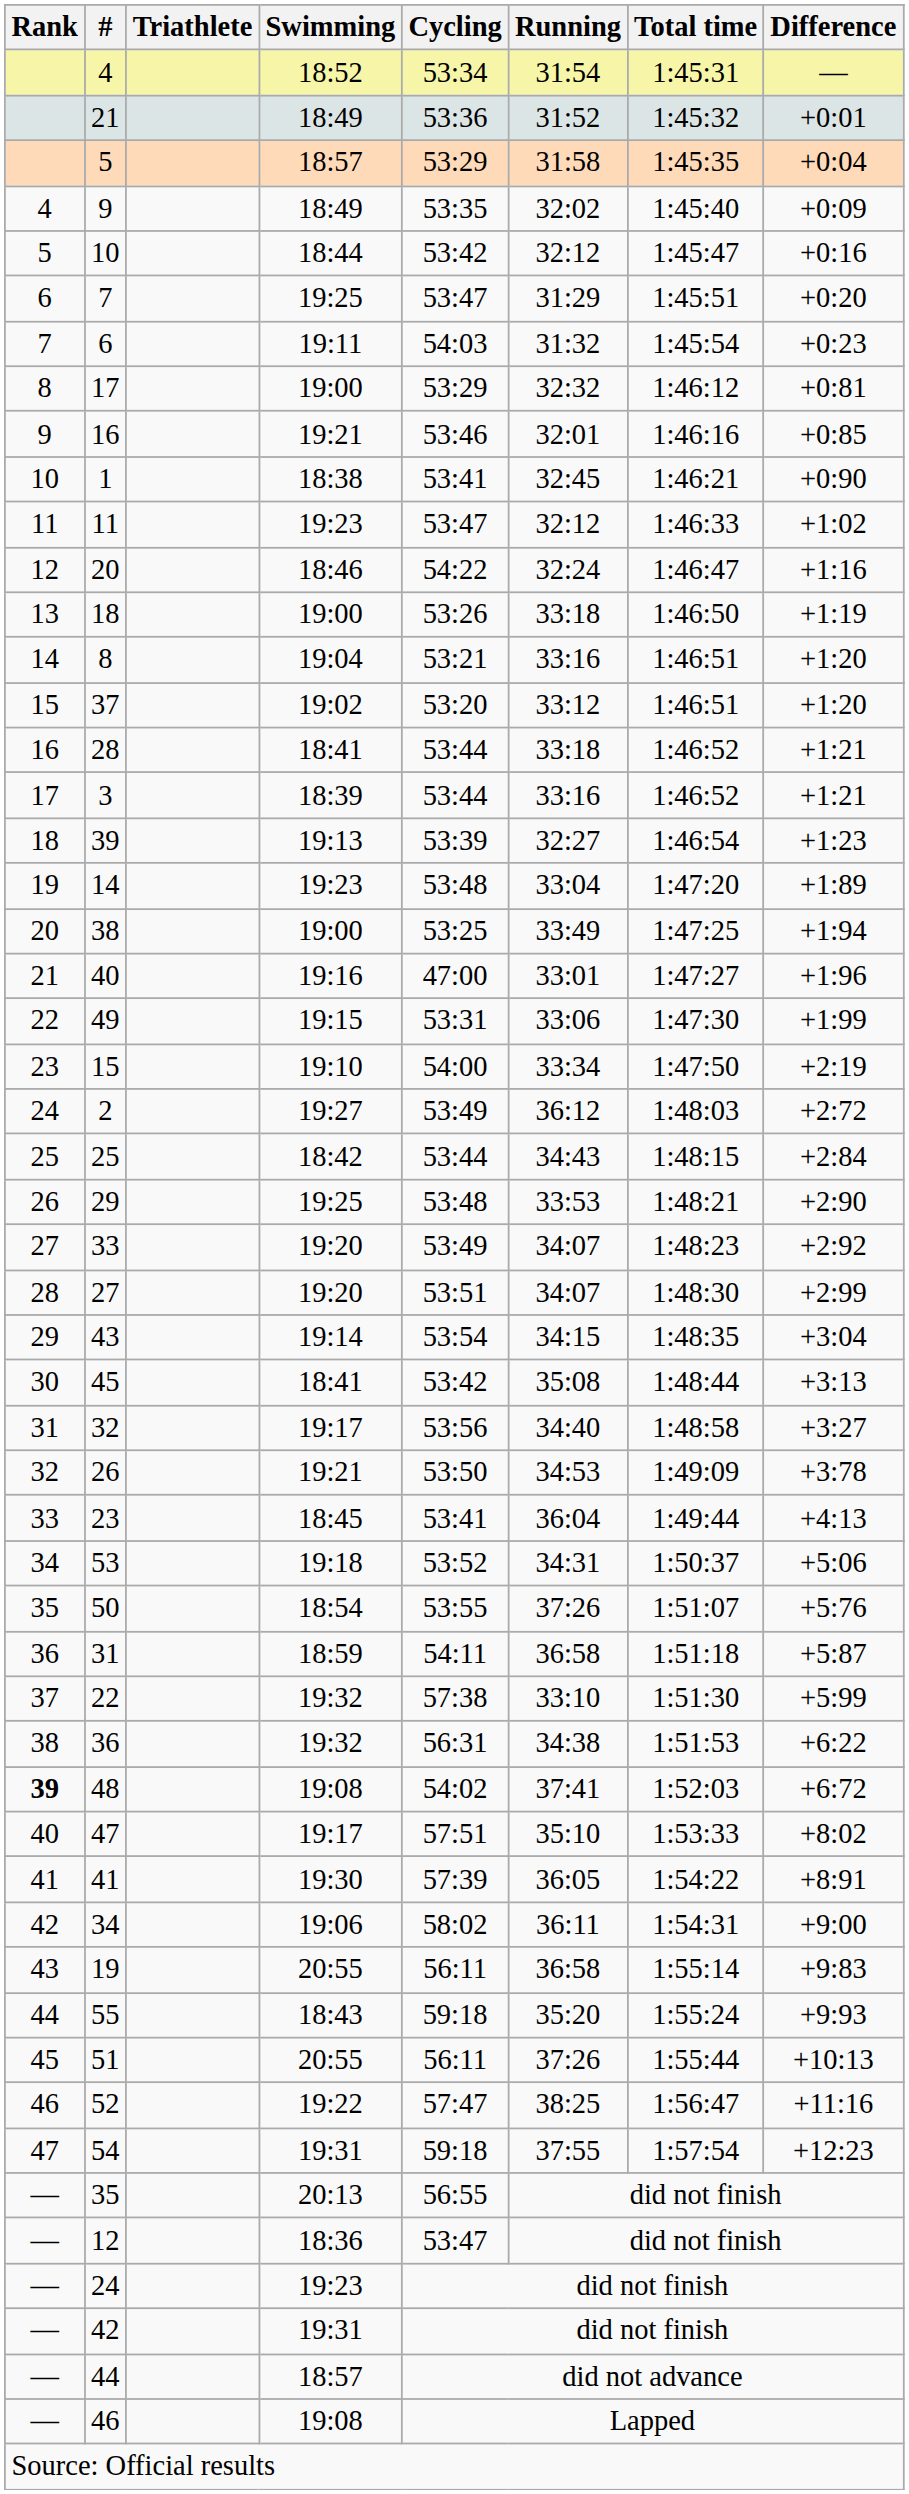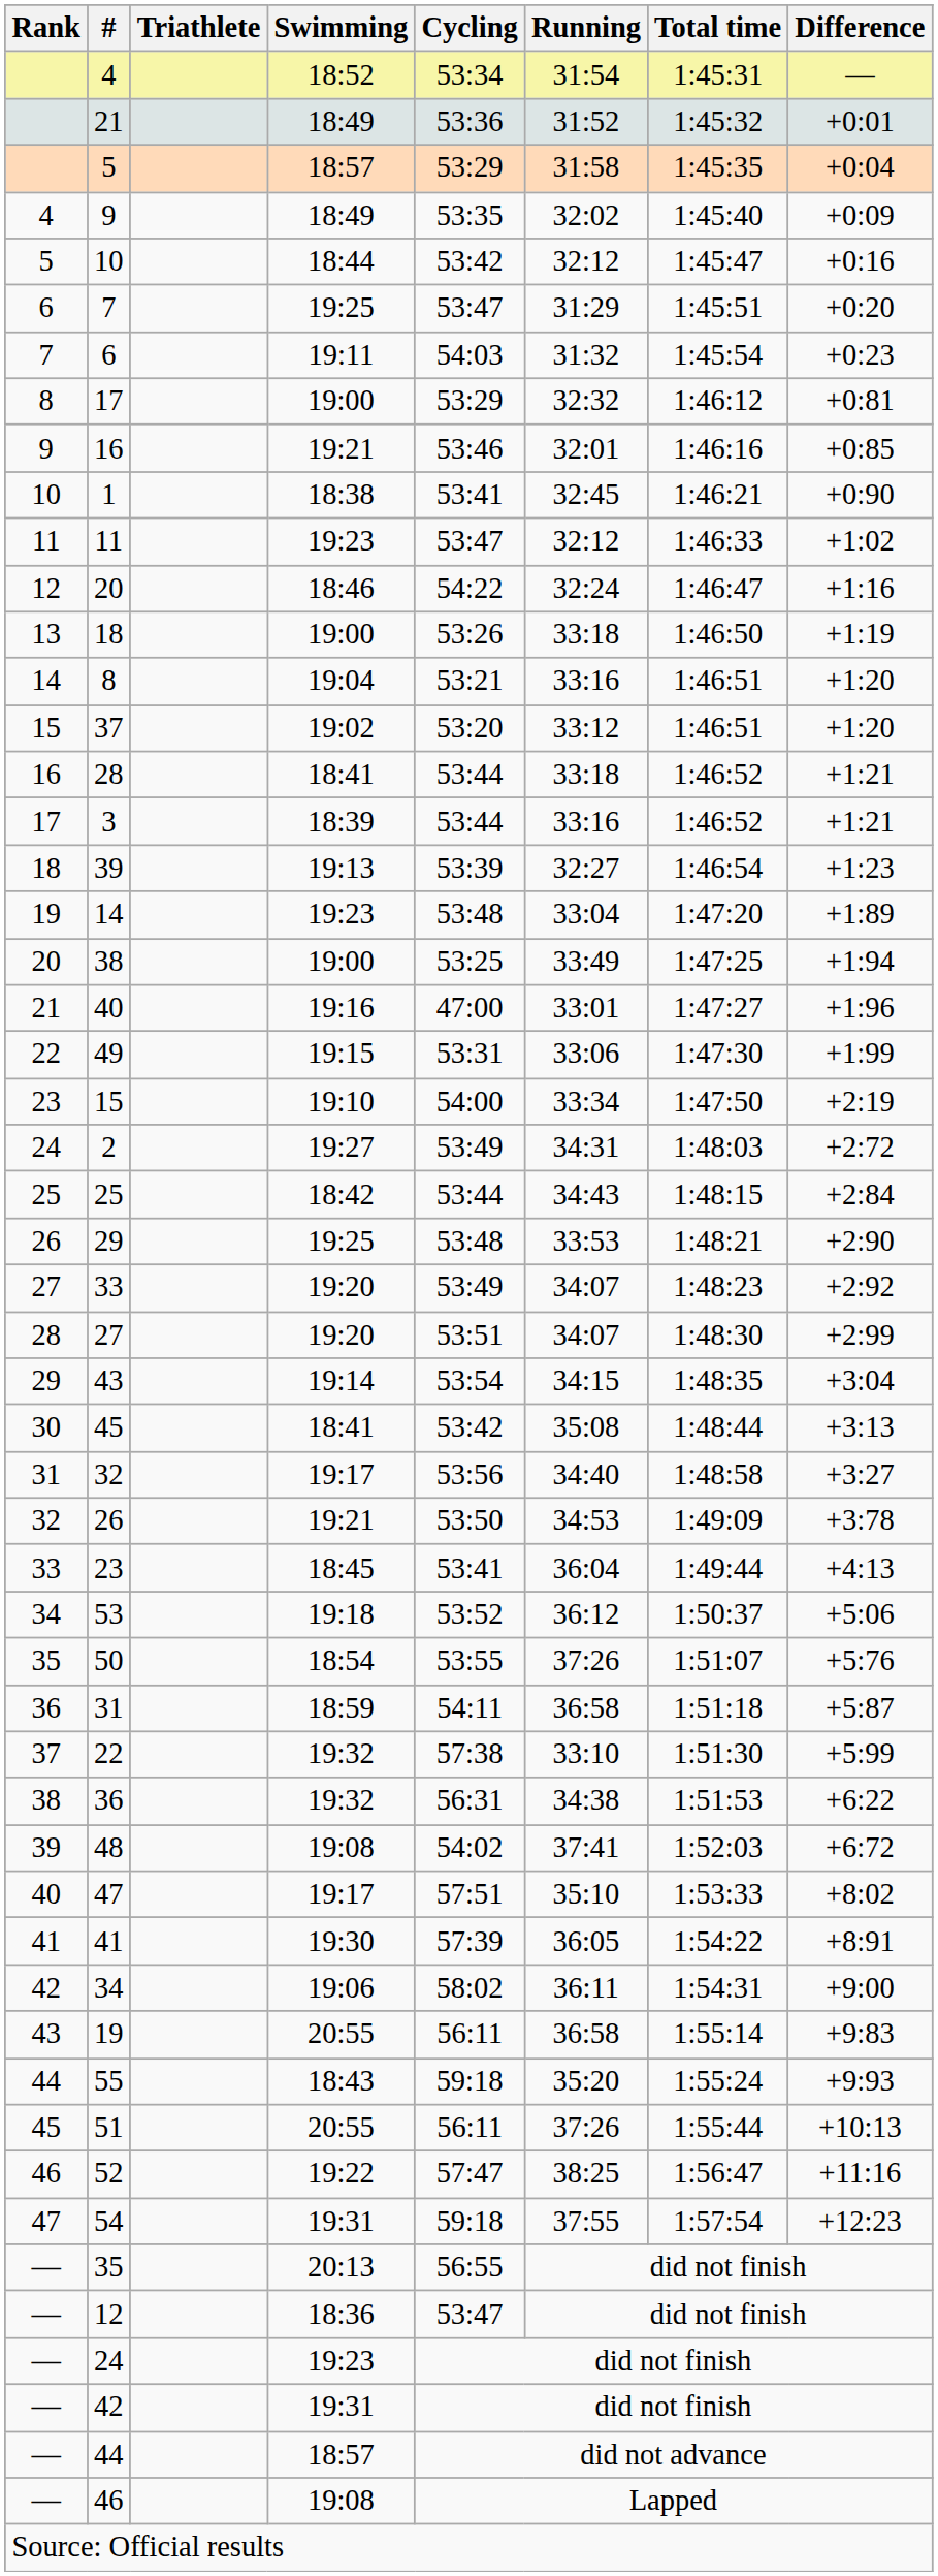 <table class="wikitable sortable" style="text-align:center">
 <tr>
 <th data-sort-type="number">Rank</th>
 <th>#</th>
 <th>Triathlete</th>
 <th>Swimming</th>
 <th>Cycling</th>
 <th>Running</th>
 <th>Total time</th>
 <th>Difference</th>
 </tr>
 <tr style="background:#F7F6A8;”">
 <td></td>
 <td>4</td>
 <td align=left></td>
 <td>18:52</td>
 <td>53:34</td>
 <td>31:54</td>
 <td>1:45:31</td>
 <td>—</td>
 </tr>
 <tr style="background:#DCE5E5;”">
 <td></td>
 <td>21</td>
 <td align=left></td>
 <td>18:49</td>
 <td>53:36</td>
 <td>31:52</td>
 <td>1:45:32</td>
 <td>+0:01</td>
 </tr>
 <tr style="background:#FFDAB9;">
 <td></td>
 <td>5</td>
 <td align=left></td>
 <td>18:57</td>
 <td>53:29</td>
 <td>31:58</td>
 <td>1:45:35</td>
 <td>+0:04</td>
 </tr>
 <tr>
 <td>4</td>
 <td>9</td>
 <td align=left></td>
 <td>18:49</td>
 <td>53:35</td>
 <td>32:02</td>
 <td>1:45:40</td>
 <td>+0:09</td>
 </tr>
 <tr>
 <td>5</td>
 <td>10</td>
 <td align=left></td>
 <td>18:44</td>
 <td>53:42</td>
 <td>32:12</td>
 <td>1:45:47</td>
 <td>+0:16</td>
 </tr>
 <tr>
 <td>6</td>
 <td>7</td>
 <td align=left></td>
 <td>19:25</td>
 <td>53:47</td>
 <td>31:29</td>
 <td>1:45:51</td>
 <td>+0:20</td>
 </tr>
 <tr>
 <td>7</td>
 <td>6</td>
 <td align=left></td>
 <td>19:11</td>
 <td>54:03</td>
 <td>31:32</td>
 <td>1:45:54</td>
 <td>+0:23</td>
 </tr>
 <tr>
 <td>8</td>
 <td>17</td>
 <td align=left></td>
 <td>19:00</td>
 <td>53:29</td>
 <td>32:32</td>
 <td>1:46:12</td>
 <td>+0:81</td>
 </tr>
 <tr>
 <td>9</td>
 <td>16</td>
 <td align=left></td>
 <td>19:21</td>
 <td>53:46</td>
 <td>32:01</td>
 <td>1:46:16</td>
 <td>+0:85</td>
 </tr>
 <tr>
 <td>10</td>
 <td>1</td>
 <td align=left></td>
 <td>18:38</td>
 <td>53:41</td>
 <td>32:45</td>
 <td>1:46:21</td>
 <td>+0:90</td>
 </tr>
 <tr>
 <td>11</td>
 <td>11</td>
 <td align=left></td>
 <td>19:23</td>
 <td>53:47</td>
 <td>32:12</td>
 <td>1:46:33</td>
 <td>+1:02</td>
 </tr>
 <tr>
 <td>12</td>
 <td>20</td>
 <td align=left></td>
 <td>18:46</td>
 <td>54:22</td>
 <td>32:24</td>
 <td>1:46:47</td>
 <td>+1:16</td>
 </tr>
 <tr>
 <td>13</td>
 <td>18</td>
 <td align=left></td>
 <td>19:00</td>
 <td>53:26</td>
 <td>33:18</td>
 <td>1:46:50</td>
 <td>+1:19</td>
 </tr>
 <tr>
 <td>14</td>
 <td>8</td>
 <td align=left></td>
 <td>19:04</td>
 <td>53:21</td>
 <td>33:16</td>
 <td>1:46:51</td>
 <td>+1:20</td>
 </tr>
 <tr>
 <td>15</td>
 <td>37</td>
 <td align=left></td>
 <td>19:02</td>
 <td>53:20</td>
 <td>33:12</td>
 <td>1:46:51</td>
 <td>+1:20</td>
 </tr>
 <tr>
 <td>16</td>
 <td>28</td>
 <td align=left></td>
 <td>18:41</td>
 <td>53:44</td>
 <td>33:18</td>
 <td>1:46:52</td>
 <td>+1:21</td>
 </tr>
 <tr>
 <td>17</td>
 <td>3</td>
 <td align=left></td>
 <td>18:39</td>
 <td>53:44</td>
 <td>33:16</td>
 <td>1:46:52</td>
 <td>+1:21</td>
 </tr>
 <tr>
 <td>18</td>
 <td>39</td>
 <td align=left></td>
 <td>19:13</td>
 <td>53:39</td>
 <td>32:27</td>
 <td>1:46:54</td>
 <td>+1:23</td>
 </tr>
 <tr>
 <td>19</td>
 <td>14</td>
 <td align=left></td>
 <td>19:23</td>
 <td>53:48</td>
 <td>33:04</td>
 <td>1:47:20</td>
 <td>+1:89</td>
 </tr>
 <tr>
 <td>20</td>
 <td>38</td>
 <td align=left></td>
 <td>19:00</td>
 <td>53:25</td>
 <td>33:49</td>
 <td>1:47:25</td>
 <td>+1:94</td>
 </tr>
 <tr>
 <td>21</td>
 <td>40</td>
 <td align=left></td>
 <td>19:16</td>
 <td>47:00</td>
 <td>33:01</td>
 <td>1:47:27</td>
 <td>+1:96</td>
 </tr>
 <tr>
 <td>22</td>
 <td>49</td>
 <td align=left></td>
 <td>19:15</td>
 <td>53:31</td>
 <td>33:06</td>
 <td>1:47:30</td>
 <td>+1:99</td>
 </tr>
 <tr>
 <td>23</td>
 <td>15</td>
 <td align=left></td>
 <td>19:10</td>
 <td>54:00</td>
 <td>33:34</td>
 <td>1:47:50</td>
 <td>+2:19</td>
 </tr>
 <tr>
 <td>24</td>
 <td>2</td>
 <td align=left></td>
 <td>19:27</td>
 <td>53:49</td>
-<td>36:12</td>
+<td>34:31</td>
 <td>1:48:03</td>
 <td>+2:72</td>
 </tr>
 <tr>
 <td>25</td>
 <td>25</td>
 <td align=left></td>
 <td>18:42</td>
 <td>53:44</td>
 <td>34:43</td>
 <td>1:48:15</td>
 <td>+2:84</td>
 </tr>
 <tr>
 <td>26</td>
 <td>29</td>
 <td align=left></td>
 <td>19:25</td>
 <td>53:48</td>
 <td>33:53</td>
 <td>1:48:21</td>
 <td>+2:90</td>
 </tr>
 <tr>
 <td>27</td>
 <td>33</td>
 <td align=left></td>
 <td>19:20</td>
 <td>53:49</td>
 <td>34:07</td>
 <td>1:48:23</td>
 <td>+2:92</td>
 </tr>
 <tr>
 <td>28</td>
 <td>27</td>
 <td align=left></td>
 <td>19:20</td>
 <td>53:51</td>
 <td>34:07</td>
 <td>1:48:30</td>
 <td>+2:99</td>
 </tr>
 <tr>
 <td>29</td>
 <td>43</td>
 <td align=left></td>
 <td>19:14</td>
 <td>53:54</td>
 <td>34:15</td>
 <td>1:48:35</td>
 <td>+3:04</td>
 </tr>
 <tr>
 <td>30</td>
 <td>45</td>
 <td align=left></td>
 <td>18:41</td>
 <td>53:42</td>
 <td>35:08</td>
 <td>1:48:44</td>
 <td>+3:13</td>
 </tr>
 <tr>
 <td>31</td>
 <td>32</td>
 <td align=left></td>
 <td>19:17</td>
 <td>53:56</td>
 <td>34:40</td>
 <td>1:48:58</td>
 <td>+3:27</td>
 </tr>
 <tr>
 <td>32</td>
 <td>26</td>
 <td align=left></td>
 <td>19:21</td>
 <td>53:50</td>
 <td>34:53</td>
 <td>1:49:09</td>
 <td>+3:78</td>
 </tr>
 <tr>
 <td>33</td>
 <td>23</td>
 <td align=left></td>
 <td>18:45</td>
 <td>53:41</td>
 <td>36:04</td>
 <td>1:49:44</td>
 <td>+4:13</td>
 </tr>
 <tr>
 <td>34</td>
 <td>53</td>
 <td align=left></td>
 <td>19:18</td>
 <td>53:52</td>
-<td>34:31</td>
+<td>36:12</td>
 <td>1:50:37</td>
 <td>+5:06</td>
 </tr>
 <tr>
 <td>35</td>
 <td>50</td>
 <td align=left></td>
 <td>18:54</td>
 <td>53:55</td>
 <td>37:26</td>
 <td>1:51:07</td>
 <td>+5:76</td>
 </tr>
 <tr>
 <td>36</td>
 <td>31</td>
 <td align=left></td>
 <td>18:59</td>
 <td>54:11</td>
 <td>36:58</td>
 <td>1:51:18</td>
 <td>+5:87</td>
 </tr>
 <tr>
 <td>37</td>
 <td>22</td>
 <td align=left></td>
 <td>19:32</td>
 <td>57:38</td>
 <td>33:10</td>
 <td>1:51:30</td>
 <td>+5:99</td>
 </tr>
 <tr>
 <td>38</td>
 <td>36</td>
 <td align=left></td>
 <td>19:32</td>
 <td>56:31</td>
 <td>34:38</td>
 <td>1:51:53</td>
 <td>+6:22</td>
 </tr>
 <tr>
-<td><strong>39</strong></td>
+<td>39</td>
 <td>48</td>
 <td align=left></td>
 <td>19:08</td>
 <td>54:02</td>
 <td>37:41</td>
 <td>1:52:03</td>
 <td>+6:72</td>
 </tr>
 <tr>
 <td>40</td>
 <td>47</td>
 <td align=left></td>
 <td>19:17</td>
 <td>57:51</td>
 <td>35:10</td>
 <td>1:53:33</td>
 <td>+8:02</td>
 </tr>
 <tr>
 <td>41</td>
 <td>41</td>
 <td align=left></td>
 <td>19:30</td>
 <td>57:39</td>
 <td>36:05</td>
 <td>1:54:22</td>
 <td>+8:91</td>
 </tr>
 <tr>
 <td>42</td>
 <td>34</td>
 <td align=left></td>
 <td>19:06</td>
 <td>58:02</td>
 <td>36:11</td>
 <td>1:54:31</td>
 <td>+9:00</td>
 </tr>
 <tr>
 <td>43</td>
 <td>19</td>
 <td align=left></td>
 <td>20:55</td>
 <td>56:11</td>
 <td>36:58</td>
 <td>1:55:14</td>
 <td>+9:83</td>
 </tr>
 <tr>
 <td>44</td>
 <td>55</td>
 <td align=left></td>
 <td>18:43</td>
 <td>59:18</td>
 <td>35:20</td>
 <td>1:55:24</td>
 <td>+9:93</td>
 </tr>
 <tr>
 <td>45</td>
 <td>51</td>
 <td align=left></td>
 <td>20:55</td>
 <td>56:11</td>
 <td>37:26</td>
 <td>1:55:44</td>
 <td>+10:13</td>
 </tr>
 <tr>
 <td>46</td>
 <td>52</td>
 <td align=left></td>
 <td>19:22</td>
 <td>57:47</td>
 <td>38:25</td>
 <td>1:56:47</td>
 <td>+11:16</td>
 </tr>
 <tr>
 <td>47</td>
 <td>54</td>
 <td align=left></td>
 <td>19:31</td>
 <td>59:18</td>
 <td>37:55</td>
 <td>1:57:54</td>
 <td>+12:23</td>
 </tr>
 <tr>
 <td>—</td>
 <td>35</td>
 <td align=left></td>
 <td>20:13</td>
 <td>56:55</td>
 <td colspan=3>did not finish</td>
 </tr>
 <tr>
 <td>—</td>
 <td>12</td>
 <td align=left></td>
 <td>18:36</td>
 <td>53:47</td>
 <td colspan=3>did not finish</td>
 </tr>
 <tr>
 <td>—</td>
 <td>24</td>
 <td align=left></td>
 <td>19:23</td>
 <td colspan=4>did not finish</td>
 </tr>
 <tr>
 <td>—</td>
 <td>42</td>
 <td align=left></td>
 <td>19:31</td>
 <td colspan=4>did not finish</td>
 </tr>
 <tr>
 <td>—</td>
 <td>44</td>
 <td align=left></td>
 <td>18:57</td>
 <td colspan=4>did not advance</td>
 </tr>
 <tr>
 <td>—</td>
 <td>46</td>
 <td align=left></td>
 <td>19:08</td>
 <td colspan=4>Lapped</td>
 </tr>
 <tr class="sortbottom">
 <td colspan="9" style="text-align:left;">Source: Official results</td>
 </tr>
 </table>
